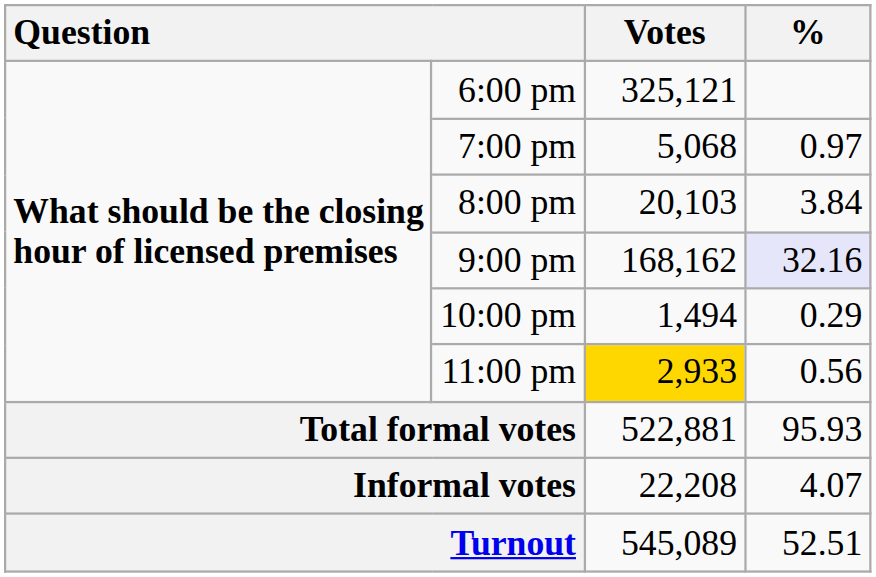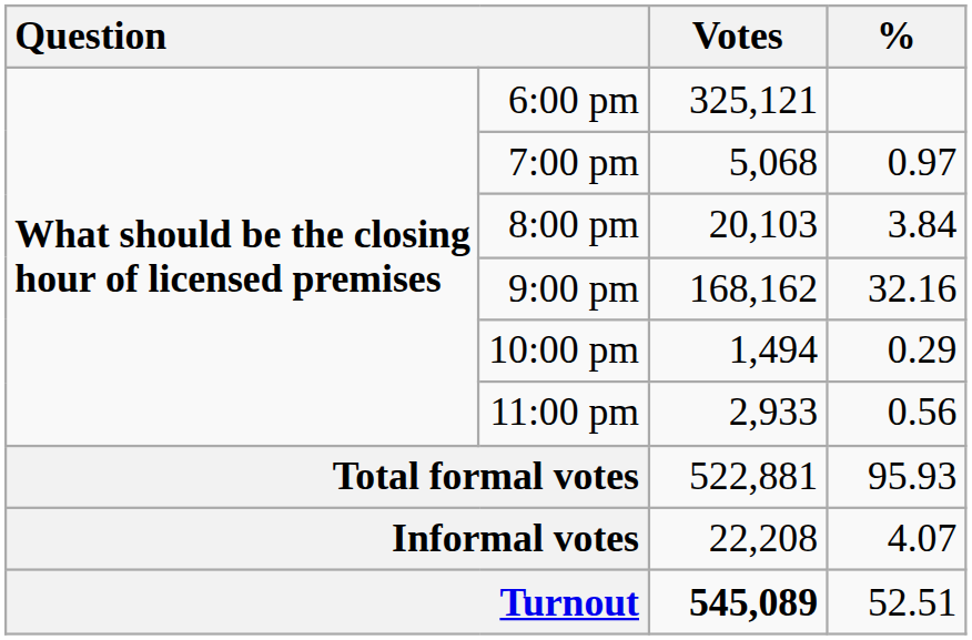 <table class="wikitable" align="center">
 <tr ---->
 <th colspan="2" style="text-align:left">Question</th>
 <th>Votes</th>
 <th>%</th>
 </tr>
 <tr align="right">
 <td rowspan="6" style="text-align:left"><strong>What should be the closing<br>hour of licensed premises</strong></td>
 <td>6:00 pm</td>
 <td>325,121</td>
 <td></td>
 </tr>
 <tr align="right">
 <td>7:00 pm</td>
 <td>5,068</td>
 <td>0.97</td>
 </tr>
 <tr align="right">
 <td>8:00 pm</td>
 <td>20,103</td>
 <td>3.84</td>
 </tr>
 <tr align="right">
 <td>9:00 pm</td>
 <td>168,162</td>
-<td style="background: lavender;">32.16</td>
+<td>32.16</td>
 </tr>
 <tr align="right">
 <td>10:00 pm</td>
 <td>1,494</td>
 <td>0.29</td>
 </tr>
 <tr align="right">
 <td>11:00 pm</td>
-<td style="background: gold;">2,933</td>
+<td>2,933</td>
 <td>0.56</td>
 </tr>
 <tr align="right">
 <th colspan="2" style="text-align:right">Total formal votes</th>
 <td>522,881</td>
 <td>95.93</td>
 </tr>
 <tr align="right">
 <th colspan="2" style="text-align:right">Informal votes</th>
 <td>22,208</td>
 <td>4.07</td>
 </tr>
 <tr align="right">
 <th colspan="2" style="text-align:right"><a href='#'>Turnout</a></th>
-<td style="padding-left:1em">545,089</td>
+<td style="padding-left:1em"><strong>545,089</strong></td>
 <td style="padding-left:1em">52.51</td>
 </tr>
 </table>
